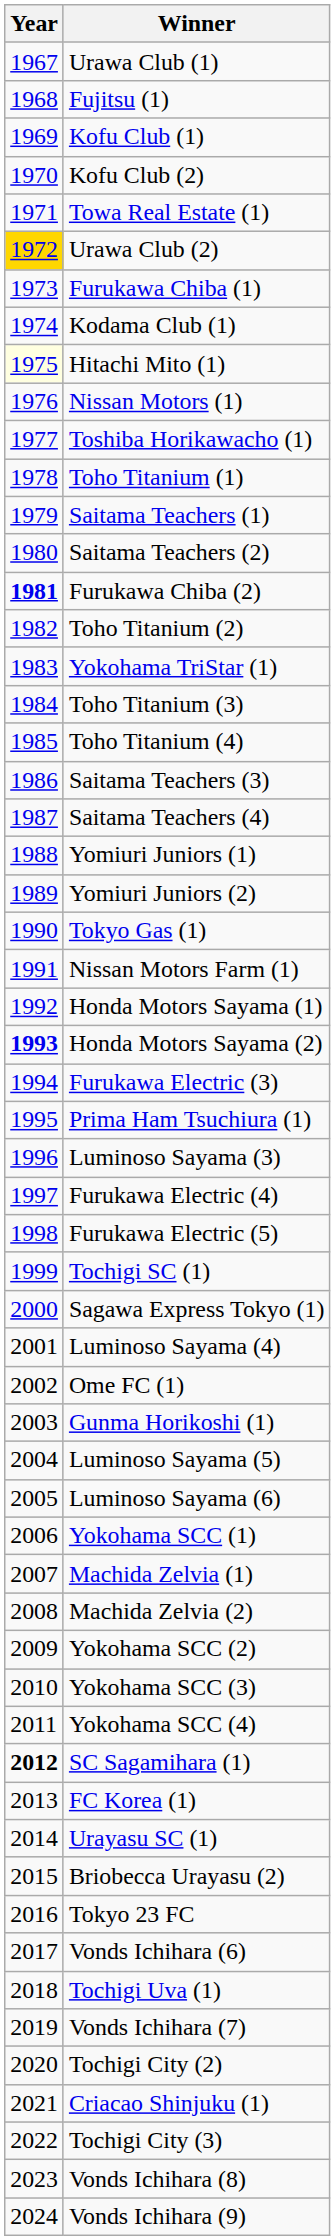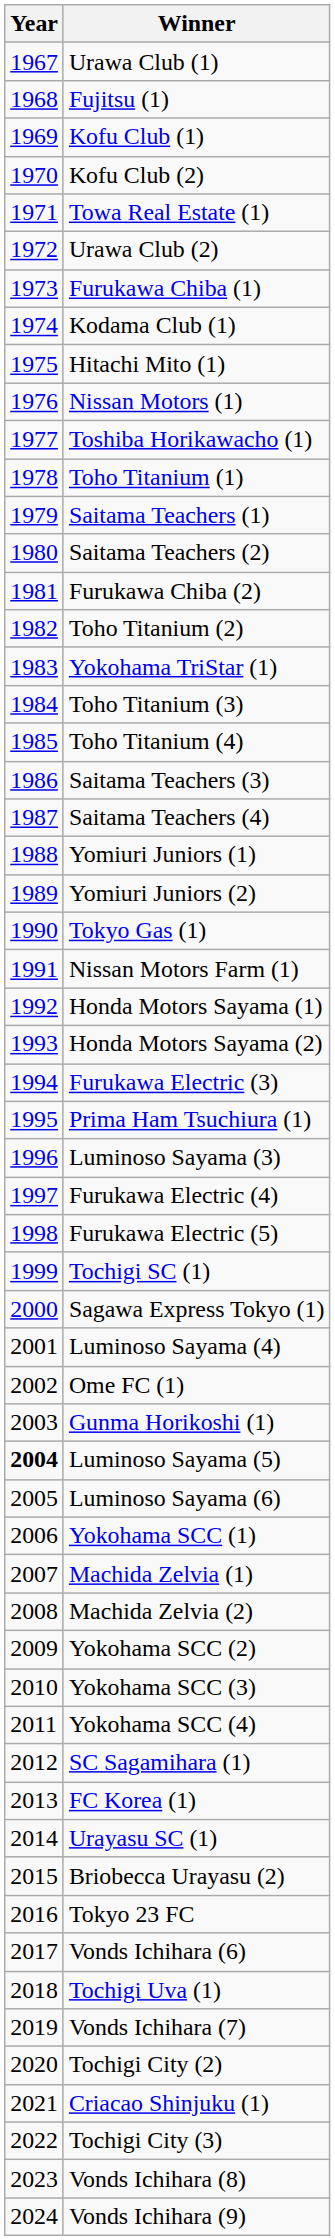 <table class="wikitable">
 <tr>
 <th>Year</th>
 <th>Winner</th>
 </tr>
 <tr>
 <td><a href='#'>1967</a></td>
 <td>Urawa Club (1)</td>
 </tr>
 <tr>
 <td><a href='#'>1968</a></td>
 <td><a href='#'>Fujitsu</a> (1)</td>
 </tr>
 <tr>
 <td><a href='#'>1969</a></td>
 <td><a href='#'>Kofu Club</a> (1)</td>
 </tr>
 <tr>
 <td><a href='#'>1970</a></td>
 <td>Kofu Club (2)</td>
 </tr>
 <tr>
 <td><a href='#'>1971</a></td>
 <td><a href='#'>Towa Real Estate</a> (1)</td>
 </tr>
 <tr>
-<td style="background: gold;"><a href='#'>1972</a></td>
+<td><a href='#'>1972</a></td>
 <td>Urawa Club (2)</td>
 </tr>
 <tr>
 <td><a href='#'>1973</a></td>
 <td><a href='#'>Furukawa Chiba</a> (1)</td>
 </tr>
 <tr>
 <td><a href='#'>1974</a></td>
 <td>Kodama Club (1)</td>
 </tr>
 <tr>
-<td style="background: lightyellow;"><a href='#'>1975</a></td>
+<td><a href='#'>1975</a></td>
 <td>Hitachi Mito (1)</td>
 </tr>
 <tr>
 <td><a href='#'>1976</a></td>
 <td><a href='#'>Nissan Motors</a> (1)</td>
 </tr>
 <tr>
 <td><a href='#'>1977</a></td>
 <td><a href='#'>Toshiba Horikawacho</a> (1)</td>
 </tr>
 <tr>
 <td><a href='#'>1978</a></td>
 <td><a href='#'>Toho Titanium</a> (1)</td>
 </tr>
 <tr>
 <td><a href='#'>1979</a></td>
 <td><a href='#'>Saitama Teachers</a> (1)</td>
 </tr>
 <tr>
 <td><a href='#'>1980</a></td>
 <td>Saitama Teachers (2)</td>
 </tr>
 <tr>
-<td><strong><a href='#'>1981</a></strong></td>
+<td><a href='#'>1981</a></td>
 <td>Furukawa Chiba (2)</td>
 </tr>
 <tr>
 <td><a href='#'>1982</a></td>
 <td>Toho Titanium (2)</td>
 </tr>
 <tr>
 <td><a href='#'>1983</a></td>
 <td><a href='#'>Yokohama TriStar</a> (1)</td>
 </tr>
 <tr>
 <td><a href='#'>1984</a></td>
 <td>Toho Titanium (3)</td>
 </tr>
 <tr>
 <td><a href='#'>1985</a></td>
 <td>Toho Titanium (4)</td>
 </tr>
 <tr>
 <td><a href='#'>1986</a></td>
 <td>Saitama Teachers (3)</td>
 </tr>
 <tr>
 <td><a href='#'>1987</a></td>
 <td>Saitama Teachers (4)</td>
 </tr>
 <tr>
 <td><a href='#'>1988</a></td>
 <td>Yomiuri Juniors (1)</td>
 </tr>
 <tr>
 <td><a href='#'>1989</a></td>
 <td>Yomiuri Juniors (2)</td>
 </tr>
 <tr>
 <td><a href='#'>1990</a></td>
 <td><a href='#'>Tokyo Gas</a> (1)</td>
 </tr>
 <tr>
 <td><a href='#'>1991</a></td>
 <td>Nissan Motors Farm (1)</td>
 </tr>
 <tr>
 <td><a href='#'>1992</a></td>
 <td>Honda Motors Sayama (1)</td>
 </tr>
 <tr>
-<td><strong><a href='#'>1993</a></strong></td>
+<td><a href='#'>1993</a></td>
 <td>Honda Motors Sayama (2)</td>
 </tr>
 <tr>
 <td><a href='#'>1994</a></td>
 <td><a href='#'>Furukawa Electric</a> (3)</td>
 </tr>
 <tr>
 <td><a href='#'>1995</a></td>
 <td><a href='#'>Prima Ham Tsuchiura</a> (1)</td>
 </tr>
 <tr>
 <td><a href='#'>1996</a></td>
 <td>Luminoso Sayama (3)</td>
 </tr>
 <tr>
 <td><a href='#'>1997</a></td>
 <td>Furukawa Electric (4)</td>
 </tr>
 <tr>
 <td><a href='#'>1998</a></td>
 <td>Furukawa Electric (5)</td>
 </tr>
 <tr>
 <td><a href='#'>1999</a></td>
 <td><a href='#'>Tochigi SC</a> (1)</td>
 </tr>
 <tr>
 <td><a href='#'>2000</a></td>
 <td>Sagawa Express Tokyo (1)</td>
 </tr>
 <tr>
 <td>2001</td>
 <td>Luminoso Sayama (4)</td>
 </tr>
 <tr>
 <td>2002</td>
 <td>Ome FC (1)</td>
 </tr>
 <tr>
 <td>2003</td>
 <td><a href='#'>Gunma Horikoshi</a> (1)</td>
 </tr>
 <tr>
-<td>2004</td>
+<td><strong>2004</strong></td>
 <td>Luminoso Sayama (5)</td>
 </tr>
 <tr>
 <td>2005</td>
 <td>Luminoso Sayama (6)</td>
 </tr>
 <tr>
 <td>2006</td>
 <td><a href='#'>Yokohama SCC</a> (1)</td>
 </tr>
 <tr>
 <td>2007</td>
 <td><a href='#'>Machida Zelvia</a> (1)</td>
 </tr>
 <tr>
 <td>2008</td>
 <td>Machida Zelvia (2)</td>
 </tr>
 <tr>
 <td>2009</td>
 <td>Yokohama SCC (2)</td>
 </tr>
 <tr>
 <td>2010</td>
 <td>Yokohama SCC (3)</td>
 </tr>
 <tr>
 <td>2011</td>
 <td>Yokohama SCC (4)</td>
 </tr>
 <tr>
-<td><strong>2012</strong></td>
+<td>2012</td>
 <td><a href='#'>SC Sagamihara</a> (1)</td>
 </tr>
 <tr>
 <td>2013</td>
 <td><a href='#'>FC Korea</a> (1)</td>
 </tr>
 <tr>
 <td>2014</td>
 <td><a href='#'>Urayasu SC</a> (1)</td>
 </tr>
 <tr>
 <td>2015</td>
 <td>Briobecca Urayasu (2)</td>
 </tr>
 <tr>
 <td>2016</td>
 <td>Tokyo 23 FC</td>
 </tr>
 <tr>
 <td>2017</td>
 <td>Vonds Ichihara (6)</td>
 </tr>
 <tr>
 <td>2018</td>
 <td><a href='#'>Tochigi Uva</a> (1)</td>
 </tr>
 <tr>
 <td>2019</td>
 <td>Vonds Ichihara (7)</td>
 </tr>
 <tr>
 <td>2020</td>
 <td>Tochigi City (2)</td>
 </tr>
 <tr>
 <td>2021</td>
 <td><a href='#'>Criacao Shinjuku</a> (1)</td>
 </tr>
 <tr>
 <td>2022</td>
 <td>Tochigi City (3)</td>
 </tr>
 <tr>
 <td>2023</td>
 <td>Vonds Ichihara (8)</td>
 </tr>
 <tr>
 <td>2024</td>
 <td>Vonds Ichihara (9)</td>
 </tr>
 </table>
